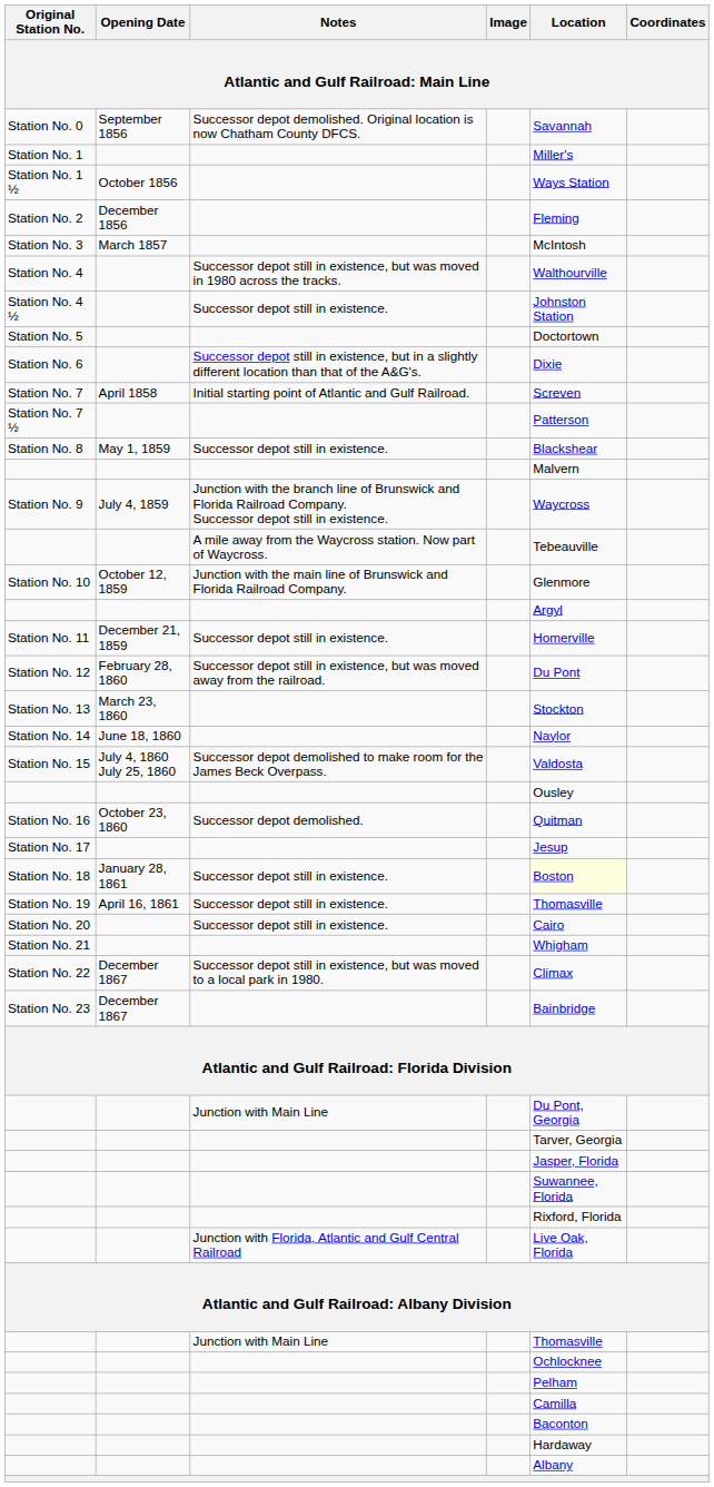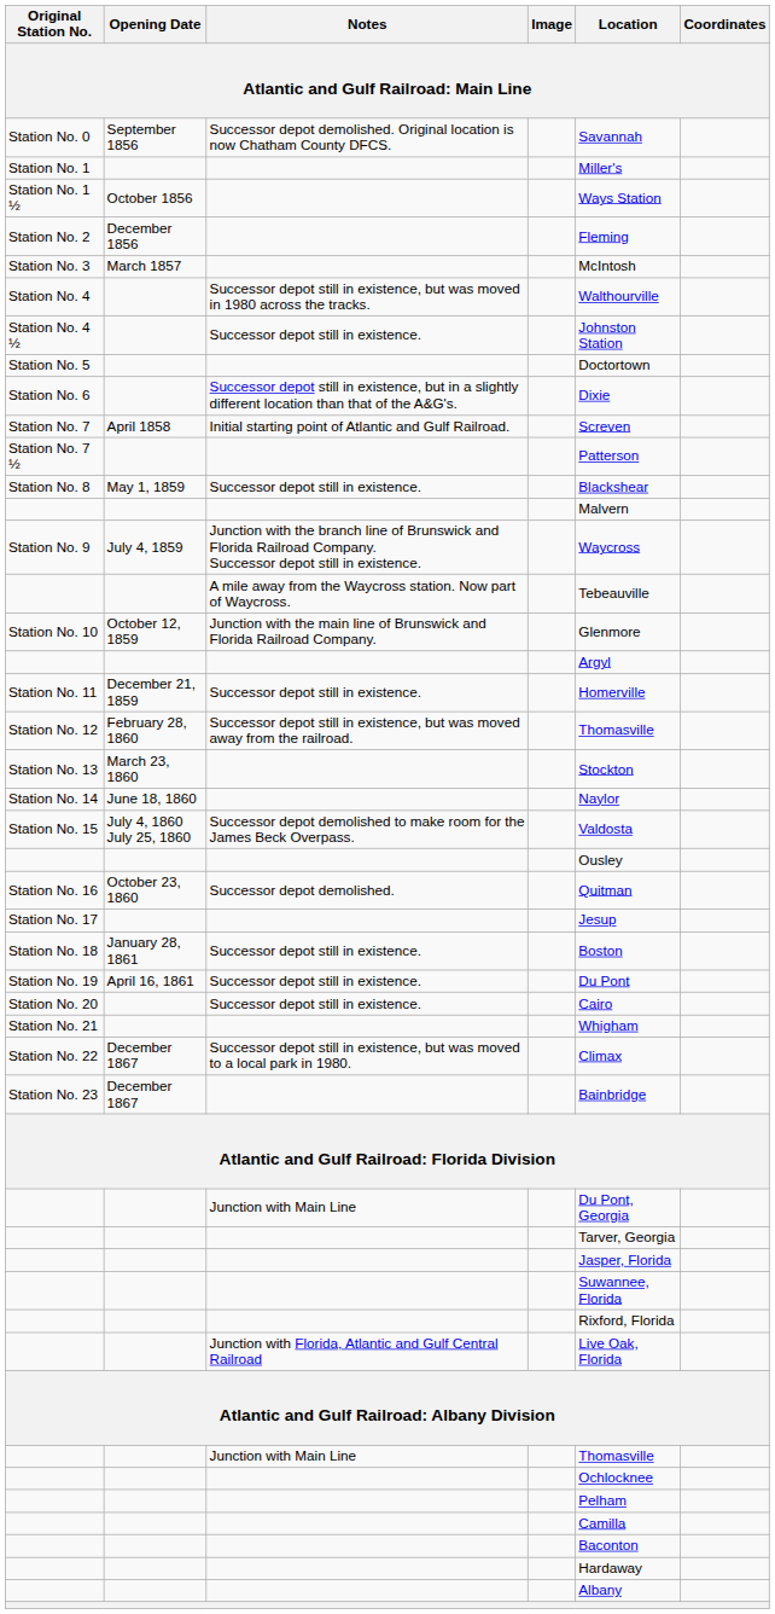 <table class=wikitable>
 <tr>
 <th>Original Station No.</th>
 <th>Opening Date</th>
 <th>Notes</th>
 <th>Image</th>
 <th>Location</th>
 <th>Coordinates</th>
 </tr>
 <tr>
 <th colspan=6><br><h3>Atlantic and Gulf Railroad: Main Line</h3></th>
 </tr>
 <tr>
 <td>Station No. 0</td>
 <td>September 1856</td>
 <td>Successor depot demolished. Original location is now Chatham County DFCS.</td>
 <td></td>
 <td><a href='#'>Savannah</a></td>
 <td></td>
 </tr>
 <tr>
 <td>Station No. 1</td>
 <td></td>
 <td></td>
 <td></td>
 <td><a href='#'>Miller's</a></td>
 <td></td>
 </tr>
 <tr>
 <td>Station No. 1 ½</td>
 <td>October 1856</td>
 <td></td>
 <td></td>
 <td><a href='#'>Ways Station</a></td>
 <td></td>
 </tr>
 <tr>
 <td>Station No. 2</td>
 <td>December 1856</td>
 <td></td>
 <td></td>
 <td><a href='#'>Fleming</a></td>
 <td></td>
 </tr>
 <tr>
 <td>Station No. 3</td>
 <td>March 1857</td>
 <td></td>
 <td></td>
 <td>McIntosh</td>
 <td></td>
 </tr>
 <tr>
 <td>Station No. 4</td>
 <td></td>
 <td>Successor depot still in existence, but was moved in 1980 across the tracks.</td>
 <td></td>
 <td><a href='#'>Walthourville</a></td>
 <td></td>
 </tr>
 <tr>
 <td>Station No. 4 ½</td>
 <td></td>
 <td>Successor depot still in existence.</td>
 <td></td>
 <td><a href='#'>Johnston Station</a></td>
 <td></td>
 </tr>
 <tr>
 <td>Station No. 5</td>
 <td></td>
 <td></td>
 <td></td>
 <td>Doctortown</td>
 <td></td>
 </tr>
 <tr>
 <td>Station No. 6</td>
 <td></td>
 <td><a href='#'>Successor depot</a> still in existence, but in a slightly different location than that of the A&G's.</td>
 <td></td>
 <td><a href='#'>Dixie</a></td>
 <td></td>
 </tr>
 <tr>
 <td>Station No. 7</td>
 <td>April 1858</td>
 <td>Initial starting point of Atlantic and Gulf Railroad.</td>
 <td></td>
 <td><a href='#'>Screven</a></td>
 <td></td>
 </tr>
 <tr>
 <td>Station No. 7 ½</td>
 <td></td>
 <td></td>
 <td></td>
 <td><a href='#'>Patterson</a></td>
 <td></td>
 </tr>
 <tr>
 <td>Station No. 8</td>
 <td>May 1, 1859</td>
 <td>Successor depot still in existence.</td>
 <td></td>
 <td><a href='#'>Blackshear</a></td>
 <td></td>
 </tr>
 <tr>
 <td></td>
 <td></td>
 <td></td>
 <td></td>
 <td>Malvern</td>
 <td></td>
 </tr>
 <tr>
 <td>Station No. 9</td>
 <td>July 4, 1859</td>
 <td>Junction with the branch line of Brunswick and Florida Railroad Company. <br> Successor depot still in existence.</td>
 <td></td>
 <td><a href='#'>Waycross</a></td>
 <td></td>
 </tr>
 <tr>
 <td></td>
 <td></td>
 <td>A mile away from the Waycross station. Now part of Waycross.</td>
 <td></td>
 <td>Tebeauville</td>
 <td></td>
 </tr>
 <tr>
 <td>Station No. 10</td>
 <td>October 12, 1859</td>
 <td>Junction with the main line of Brunswick and Florida Railroad Company.</td>
 <td></td>
 <td>Glenmore</td>
 <td></td>
 </tr>
 <tr>
 <td></td>
 <td></td>
 <td></td>
 <td></td>
 <td><a href='#'>Argyl</a></td>
 <td></td>
 </tr>
 <tr>
 <td>Station No. 11</td>
 <td>December 21, 1859</td>
 <td>Successor depot still in existence.</td>
 <td></td>
 <td><a href='#'>Homerville</a></td>
 <td></td>
 </tr>
 <tr>
 <td>Station No. 12</td>
 <td>February 28, 1860</td>
 <td>Successor depot still in existence, but was moved away from the railroad.</td>
 <td></td>
-<td><a href='#'>Du Pont</a></td>
+<td><a href='#'>Thomasville</a></td>
 <td></td>
 </tr>
 <tr>
 <td>Station No. 13</td>
 <td>March 23, 1860</td>
 <td></td>
 <td></td>
 <td><a href='#'>Stockton</a></td>
 <td></td>
 </tr>
 <tr>
 <td>Station No. 14</td>
 <td>June 18, 1860</td>
 <td></td>
 <td></td>
 <td><a href='#'>Naylor</a></td>
 <td></td>
 </tr>
 <tr>
 <td>Station No. 15</td>
 <td>July 4, 1860 <br> July 25, 1860</td>
 <td>Successor depot demolished to make room for the James Beck Overpass.</td>
 <td></td>
 <td><a href='#'>Valdosta</a></td>
 <td></td>
 </tr>
 <tr>
 <td></td>
 <td></td>
 <td></td>
 <td></td>
 <td>Ousley</td>
 <td></td>
 </tr>
 <tr>
 <td>Station No. 16</td>
 <td>October 23, 1860</td>
 <td>Successor depot demolished.</td>
 <td></td>
 <td><a href='#'>Quitman</a></td>
 <td></td>
 </tr>
 <tr>
 <td>Station No. 17</td>
 <td></td>
 <td></td>
 <td></td>
 <td><a href='#'>Jesup</a></td>
 <td></td>
 </tr>
 <tr>
 <td>Station No. 18</td>
 <td>January 28, 1861</td>
 <td>Successor depot still in existence.</td>
 <td></td>
-<td style="background: lightyellow;"><a href='#'>Boston</a></td>
+<td><a href='#'>Boston</a></td>
 <td></td>
 </tr>
 <tr>
 <td>Station No. 19</td>
 <td>April 16, 1861</td>
 <td>Successor depot still in existence.</td>
 <td></td>
-<td><a href='#'>Thomasville</a></td>
+<td><a href='#'>Du Pont</a></td>
 <td></td>
 </tr>
 <tr>
 <td>Station No. 20</td>
 <td></td>
 <td>Successor depot still in existence.</td>
 <td></td>
 <td><a href='#'>Cairo</a></td>
 <td></td>
 </tr>
 <tr>
 <td>Station No. 21</td>
 <td></td>
 <td></td>
 <td></td>
 <td><a href='#'>Whigham</a></td>
 <td></td>
 </tr>
 <tr>
 <td>Station No. 22</td>
 <td>December 1867</td>
 <td>Successor depot still in existence, but was moved to a local park in 1980.</td>
 <td></td>
 <td><a href='#'>Climax</a></td>
 <td></td>
 </tr>
 <tr>
 <td>Station No. 23</td>
 <td>December 1867</td>
 <td></td>
 <td></td>
 <td><a href='#'>Bainbridge</a></td>
 <td></td>
 </tr>
 <tr>
 <th colspan=6><br><h3>Atlantic and Gulf Railroad: Florida Division</h3></th>
 </tr>
 <tr>
 <td></td>
 <td></td>
 <td>Junction with Main Line</td>
 <td></td>
 <td><a href='#'>Du Pont, Georgia</a></td>
 <td></td>
 </tr>
 <tr>
 <td></td>
 <td></td>
 <td></td>
 <td></td>
 <td>Tarver, Georgia</td>
 <td></td>
 </tr>
 <tr>
 <td></td>
 <td></td>
 <td></td>
 <td></td>
 <td><a href='#'>Jasper, Florida</a></td>
 <td></td>
 </tr>
 <tr>
 <td></td>
 <td></td>
 <td></td>
 <td></td>
 <td><a href='#'>Suwannee, Florida</a></td>
 <td></td>
 </tr>
 <tr>
 <td></td>
 <td></td>
 <td></td>
 <td></td>
 <td>Rixford, Florida</td>
 <td></td>
 </tr>
 <tr>
 <td></td>
 <td></td>
 <td>Junction with <a href='#'>Florida, Atlantic and Gulf Central Railroad</a></td>
 <td></td>
 <td><a href='#'>Live Oak, Florida</a></td>
 <td></td>
 </tr>
 <tr>
 <th colspan=6><br><h3>Atlantic and Gulf Railroad: Albany Division</h3></th>
 </tr>
 <tr>
 <td></td>
 <td></td>
 <td>Junction with Main Line</td>
 <td></td>
 <td><a href='#'>Thomasville</a></td>
 <td></td>
 </tr>
 <tr>
 <td></td>
 <td></td>
 <td></td>
 <td></td>
 <td><a href='#'>Ochlocknee</a></td>
 <td></td>
 </tr>
 <tr>
 <td></td>
 <td></td>
 <td></td>
 <td></td>
 <td><a href='#'>Pelham</a></td>
 <td></td>
 </tr>
 <tr>
 <td></td>
 <td></td>
 <td></td>
 <td></td>
 <td><a href='#'>Camilla</a></td>
 <td></td>
 </tr>
 <tr>
 <td></td>
 <td></td>
 <td></td>
 <td></td>
 <td><a href='#'>Baconton</a></td>
 <td></td>
 </tr>
 <tr>
 <td></td>
 <td></td>
 <td></td>
 <td></td>
 <td>Hardaway</td>
 <td></td>
 </tr>
 <tr>
 <td></td>
 <td></td>
 <td></td>
 <td></td>
 <td><a href='#'>Albany</a></td>
 <td></td>
 </tr>
 <tr>
 <th colspan=6></th>
 </tr>
 </table>
